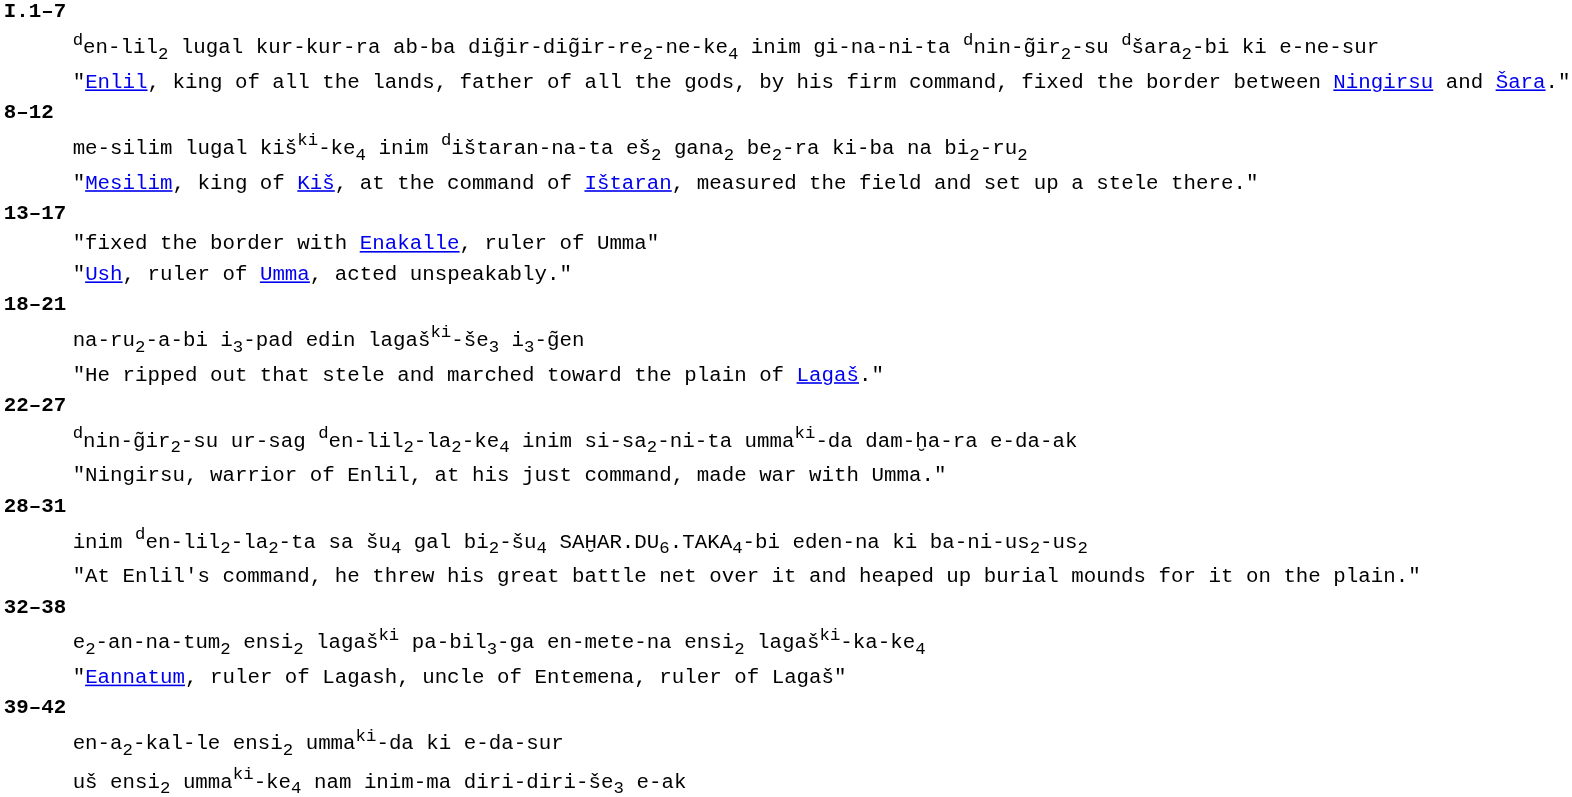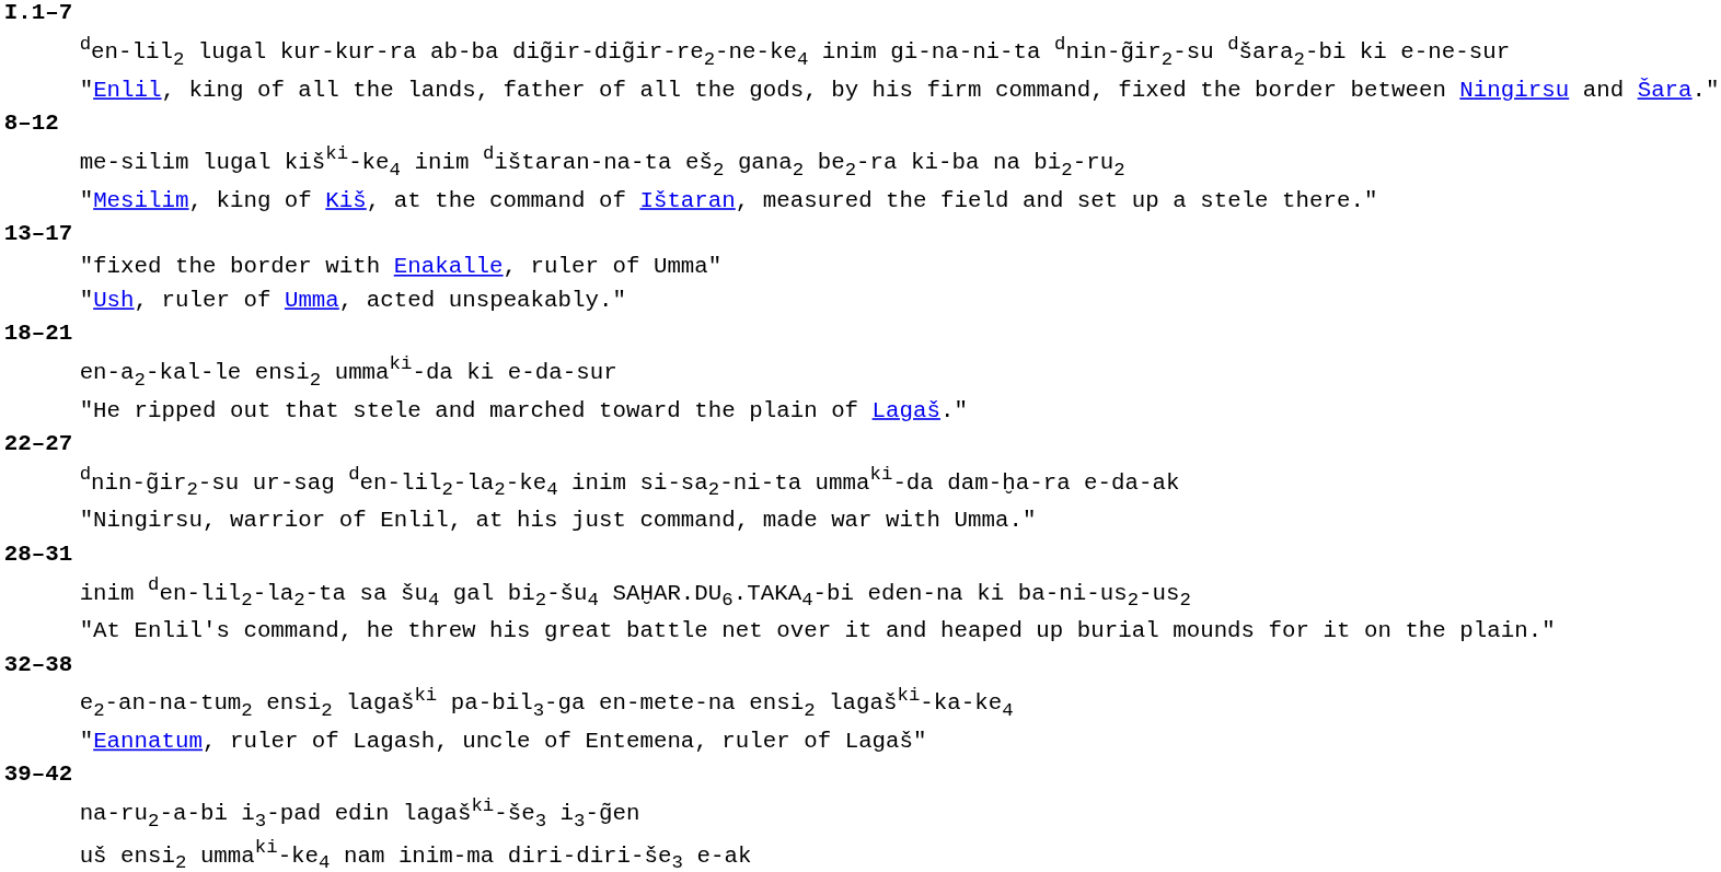 <table>
 <tr>
 <td><strong>I.1–7</strong></td>
 <td></td>
 </tr>
 <tr>
 <td></td>
 <td><sup>d</sup>en-lil<sub>2</sub> lugal kur-kur-ra ab-ba dig̃ir-dig̃ir-re<sub>2</sub>-ne-ke<sub>4</sub> inim gi-na-ni-ta <sup>d</sup>nin-g̃ir<sub>2</sub>-su <sup>d</sup>šara<sub>2</sub>-bi ki e-ne-sur</td>
 </tr>
 <tr>
 <td></td>
 <td>"<a href='#'>Enlil</a>, king of all the lands, father of all the gods, by his firm command, fixed the border between <a href='#'>Ningirsu</a> and <a href='#'>Šara</a>."</td>
 </tr>
 <tr>
 <td><strong>8–12</strong></td>
 <td></td>
 </tr>
 <tr>
 <td></td>
 <td>me-silim lugal kiš<sup>ki</sup>-ke<sub>4</sub> inim <sup>d</sup>ištaran-na-ta eš<sub>2</sub> gana<sub>2</sub> be<sub>2</sub>-ra ki-ba na bi<sub>2</sub>-ru<sub>2</sub></td>
 </tr>
 <tr>
 <td></td>
 <td>"<a href='#'>Mesilim</a>, king of <a href='#'>Kiš</a>, at the command of <a href='#'>Ištaran</a>, measured the field and set up a stele there."</td>
 </tr>
 <tr>
 <td><strong>13–17</strong></td>
 <td></td>
 </tr>
 <tr>
 <td></td>
 <td>"fixed the border with <a href='#'>Enakalle</a>, ruler of Umma"</td>
 </tr>
 <tr>
 <td></td>
 <td>"<a href='#'>Ush</a>, ruler of <a href='#'>Umma</a>, acted unspeakably."</td>
 </tr>
 <tr>
 <td><strong>18–21</strong></td>
 <td></td>
 </tr>
 <tr>
 <td></td>
-<td>na-ru<sub>2</sub>-a-bi i<sub>3</sub>-pad edin lagaš<sup>ki</sup>-še<sub>3</sub> i<sub>3</sub>-g̃en</td>
+<td>en-a<sub>2</sub>-kal-le ensi<sub>2</sub> umma<sup>ki</sup>-da ki e-da-sur</td>
 </tr>
 <tr>
 <td></td>
 <td>"He ripped out that stele and marched toward the plain of <a href='#'>Lagaš</a>."</td>
 </tr>
 <tr>
 <td><strong>22–27</strong></td>
 <td></td>
 </tr>
 <tr>
 <td></td>
 <td><sup>d</sup>nin-g̃ir<sub>2</sub>-su ur-sag <sup>d</sup>en-lil<sub>2</sub>-la<sub>2</sub>-ke<sub>4</sub> inim si-sa<sub>2</sub>-ni-ta umma<sup>ki</sup>-da dam-ḫa-ra e-da-ak</td>
 </tr>
 <tr>
 <td></td>
 <td>"Ningirsu, warrior of Enlil, at his just command, made war with Umma."</td>
 </tr>
 <tr>
 <td><strong>28–31</strong></td>
 <td></td>
 </tr>
 <tr>
 <td></td>
 <td>inim <sup>d</sup>en-lil<sub>2</sub>-la<sub>2</sub>-ta sa šu<sub>4</sub> gal bi<sub>2</sub>-šu<sub>4</sub> SAḪAR.DU<sub>6</sub>.TAKA<sub>4</sub>-bi eden-na ki ba-ni-us<sub>2</sub>-us<sub>2</sub></td>
 </tr>
 <tr>
 <td></td>
 <td>"At Enlil's command, he threw his great battle net over it and heaped up burial mounds for it on the plain."</td>
 </tr>
 <tr>
 <td><strong>32–38</strong></td>
 <td></td>
 </tr>
 <tr>
 <td></td>
 <td>e<sub>2</sub>-an-na-tum<sub>2</sub> ensi<sub>2</sub> lagaš<sup>ki</sup> pa-bil<sub>3</sub>-ga en-mete-na ensi<sub>2</sub> lagaš<sup>ki</sup>-ka-ke<sub>4</sub></td>
 </tr>
 <tr>
 <td></td>
 <td>"<a href='#'>Eannatum</a>, ruler of Lagash, uncle of Entemena, ruler of Lagaš"</td>
 </tr>
 <tr>
 <td><strong>39–42</strong></td>
 <td></td>
 </tr>
 <tr>
 <td></td>
-<td>en-a<sub>2</sub>-kal-le ensi<sub>2</sub> umma<sup>ki</sup>-da ki e-da-sur</td>
+<td>na-ru<sub>2</sub>-a-bi i<sub>3</sub>-pad edin lagaš<sup>ki</sup>-še<sub>3</sub> i<sub>3</sub>-g̃en</td>
 </tr>
 <tr>
 <td></td>
 <td>uš ensi<sub>2</sub> umma<sup>ki</sup>-ke<sub>4</sub> nam inim-ma diri-diri-še<sub>3</sub> e-ak</td>
 </tr>
 </table>
